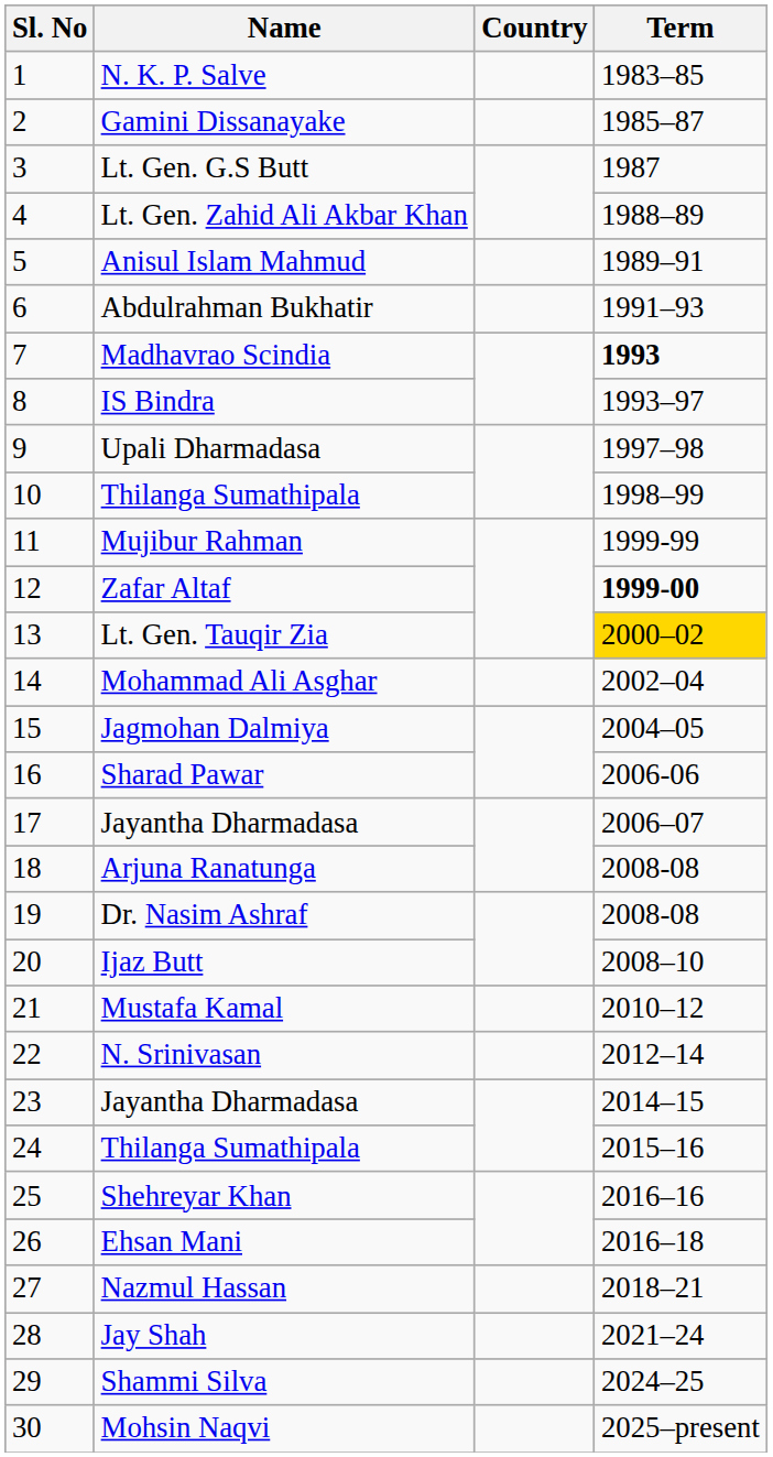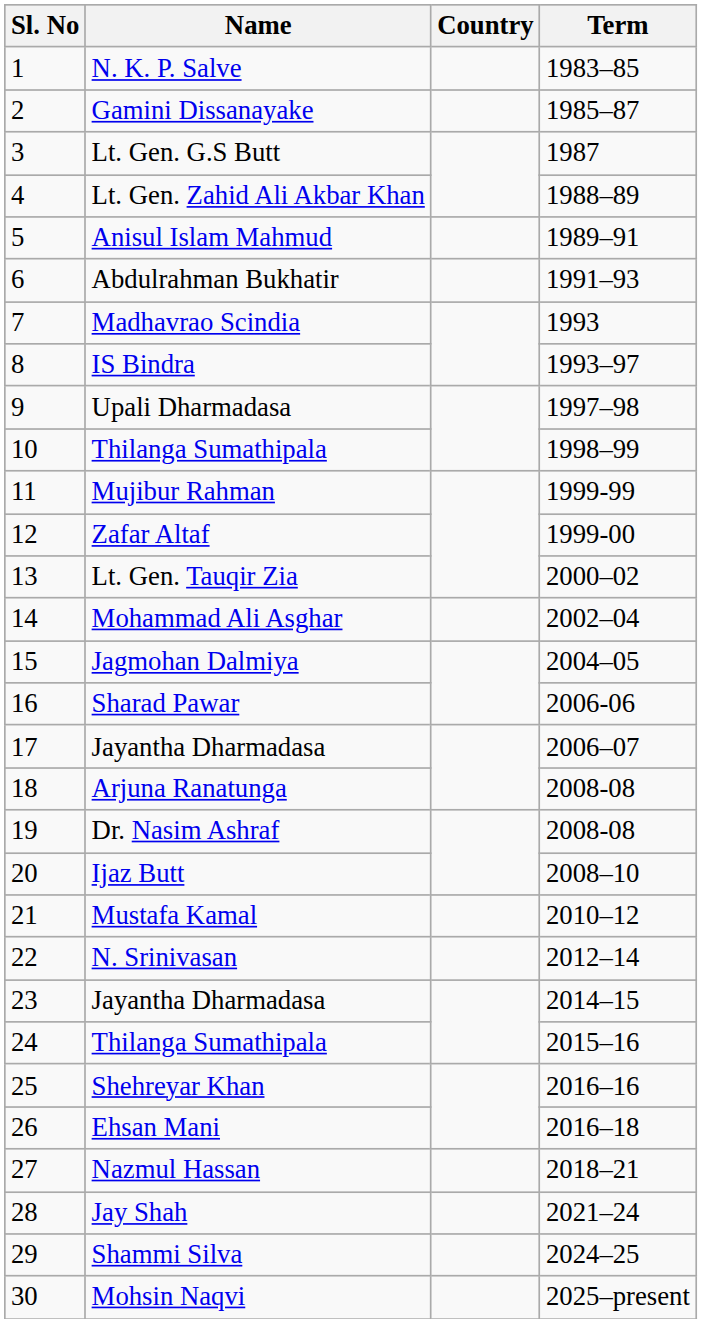 <table class="wikitable">
 <tr>
 <th>Sl. No</th>
 <th>Name</th>
 <th>Country</th>
 <th>Term</th>
 </tr>
 <tr>
 <td>1</td>
 <td><a href='#'>N. K. P. Salve</a></td>
 <td></td>
 <td>1983–85</td>
 </tr>
 <tr>
 <td>2</td>
 <td><a href='#'>Gamini Dissanayake</a></td>
 <td></td>
 <td>1985–87</td>
 </tr>
 <tr>
 <td>3</td>
 <td>Lt. Gen. G.S Butt</td>
 <td rowspan="2"></td>
 <td>1987</td>
 </tr>
 <tr>
 <td>4</td>
 <td>Lt. Gen. <a href='#'>Zahid Ali Akbar Khan</a></td>
 <td>1988–89</td>
 </tr>
 <tr>
 <td>5</td>
 <td><a href='#'>Anisul Islam Mahmud</a></td>
 <td></td>
 <td>1989–91</td>
 </tr>
 <tr>
 <td>6</td>
 <td>Abdulrahman Bukhatir</td>
 <td></td>
 <td>1991–93</td>
 </tr>
 <tr>
 <td>7</td>
 <td><a href='#'>Madhavrao Scindia</a></td>
 <td rowspan=2></td>
-<td><strong>1993</strong></td>
+<td>1993</td>
 </tr>
 <tr>
 <td>8</td>
 <td><a href='#'>IS Bindra</a></td>
 <td>1993–97</td>
 </tr>
 <tr>
 <td>9</td>
 <td>Upali Dharmadasa</td>
 <td rowspan="2"></td>
 <td>1997–98</td>
 </tr>
 <tr>
 <td>10</td>
 <td><a href='#'>Thilanga Sumathipala</a></td>
 <td>1998–99</td>
 </tr>
 <tr>
 <td>11</td>
 <td><a href='#'>Mujibur Rahman</a></td>
 <td rowspan=3></td>
 <td>1999-99</td>
 </tr>
 <tr>
 <td>12</td>
 <td><a href='#'>Zafar Altaf</a></td>
-<td><strong>1999-00</strong></td>
+<td>1999-00</td>
 </tr>
 <tr>
 <td>13</td>
 <td>Lt. Gen. <a href='#'>Tauqir Zia</a></td>
-<td style="background: gold;">2000–02</td>
+<td>2000–02</td>
 </tr>
 <tr>
 <td>14</td>
 <td><a href='#'>Mohammad Ali Asghar</a></td>
 <td></td>
 <td>2002–04</td>
 </tr>
 <tr>
 <td>15</td>
 <td><a href='#'>Jagmohan Dalmiya</a></td>
 <td rowspan=2></td>
 <td>2004–05</td>
 </tr>
 <tr>
 <td>16</td>
 <td><a href='#'>Sharad Pawar</a></td>
 <td>2006-06</td>
 </tr>
 <tr>
 <td>17</td>
 <td>Jayantha Dharmadasa</td>
 <td rowspan="2"></td>
 <td>2006–07</td>
 </tr>
 <tr>
 <td>18</td>
 <td><a href='#'>Arjuna Ranatunga</a></td>
 <td>2008-08</td>
 </tr>
 <tr>
 <td>19</td>
 <td>Dr. <a href='#'>Nasim Ashraf</a></td>
 <td rowspan=2></td>
 <td>2008-08</td>
 </tr>
 <tr>
 <td>20</td>
 <td><a href='#'>Ijaz Butt</a></td>
 <td>2008–10</td>
 </tr>
 <tr>
 <td>21</td>
 <td><a href='#'>Mustafa Kamal</a></td>
 <td></td>
 <td>2010–12</td>
 </tr>
 <tr>
 <td>22</td>
 <td><a href='#'>N. Srinivasan</a></td>
 <td></td>
 <td>2012–14</td>
 </tr>
 <tr>
 <td>23</td>
 <td>Jayantha Dharmadasa</td>
 <td rowspan="2"></td>
 <td>2014–15</td>
 </tr>
 <tr>
 <td>24</td>
 <td><a href='#'>Thilanga Sumathipala</a></td>
 <td>2015–16</td>
 </tr>
 <tr>
 <td>25</td>
 <td><a href='#'>Shehreyar Khan</a></td>
 <td rowspan="2"></td>
 <td>2016–16</td>
 </tr>
 <tr>
 <td>26</td>
 <td><a href='#'>Ehsan Mani</a></td>
 <td>2016–18</td>
 </tr>
 <tr>
 <td>27</td>
 <td><a href='#'>Nazmul Hassan</a></td>
 <td></td>
 <td>2018–21</td>
 </tr>
 <tr>
 <td>28</td>
 <td><a href='#'>Jay Shah</a></td>
 <td></td>
 <td>2021–24</td>
 </tr>
 <tr>
 <td>29</td>
 <td><a href='#'>Shammi Silva</a></td>
 <td></td>
 <td>2024–25</td>
 </tr>
 <tr>
 <td>30</td>
 <td><a href='#'>Mohsin Naqvi</a></td>
 <td></td>
 <td>2025–present</td>
 </tr>
 </table>
